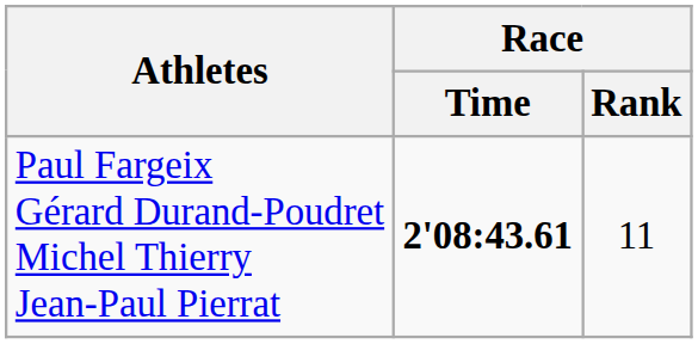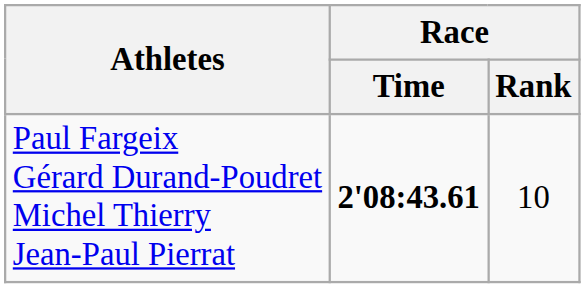 <table class="wikitable" border="1" style="font-size:90%">
 <tr>
 <th rowspan=2>Athletes</th>
 <th colspan=2>Race</th>
 </tr>
 <tr>
 <th>Time</th>
 <th>Rank</th>
 </tr>
 <tr>
 <td><a href='#'>Paul Fargeix</a><br><a href='#'>Gérard Durand-Poudret</a><br><a href='#'>Michel Thierry</a><br><a href='#'>Jean-Paul Pierrat</a></td>
 <td align=center><strong>2'08:43.61</strong></td>
-<td align=center>11</td>
+<td align=center>10</td>
 </tr>
 </table>
